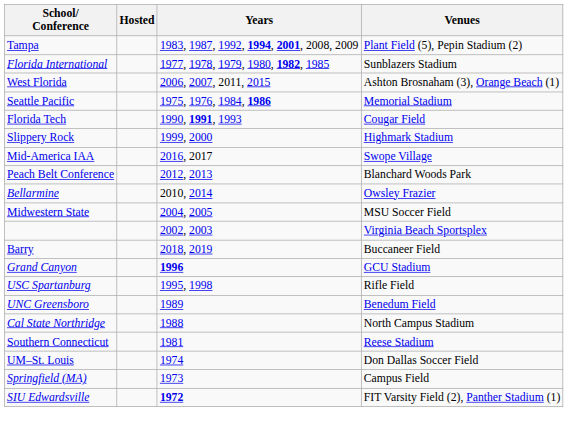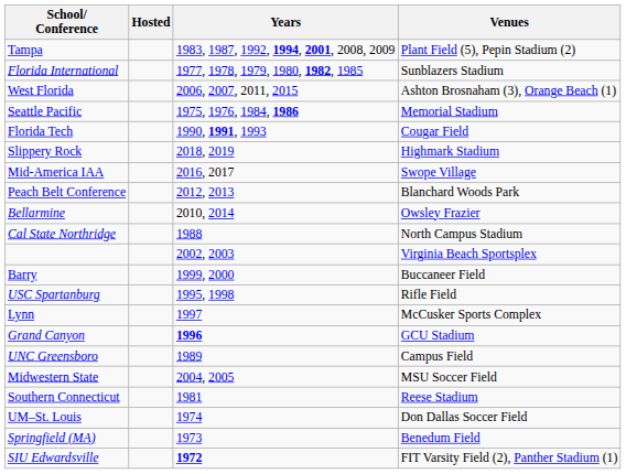 <table class="wikitable plainrowheaders sortable" style="text-align: ">
 <tr>
 <th>School/<br>Conference</th>
 <th>Hosted</th>
 <th>Years</th>
 <th>Venues</th>
 </tr>
 <tr>
 <td><a href='#'>Tampa</a></td>
 <td></td>
 <td><a href='#'>1983</a>, <a href='#'>1987</a>, <a href='#'>1992</a>, <a href='#'><strong>1994</strong></a>, <a href='#'><strong>2001</strong></a>, 2008, 2009</td>
 <td><a href='#'>Plant Field</a> (5), Pepin Stadium (2)</td>
 </tr>
 <tr>
 <td><em><a href='#'>Florida International</a></em></td>
 <td></td>
 <td><a href='#'>1977</a>, <a href='#'>1978</a>, <a href='#'>1979</a>, <a href='#'>1980</a>, <a href='#'><strong>1982</strong></a>, <a href='#'>1985</a></td>
 <td>Sunblazers Stadium</td>
 </tr>
 <tr>
 <td><a href='#'>West Florida</a></td>
 <td></td>
 <td><a href='#'>2006</a>, <a href='#'>2007</a>, 2011, <a href='#'>2015</a></td>
 <td>Ashton Brosnaham (3), <a href='#'>Orange Beach</a> (1)</td>
 </tr>
 <tr>
 <td><a href='#'>Seattle Pacific</a></td>
 <td></td>
 <td><a href='#'>1975</a>, <a href='#'>1976</a>, <a href='#'>1984</a>, <a href='#'><strong>1986</strong></a></td>
 <td><a href='#'>Memorial Stadium</a></td>
 </tr>
 <tr>
 <td><a href='#'>Florida Tech</a></td>
 <td></td>
 <td><a href='#'>1990</a>, <a href='#'><strong>1991</strong></a>, <a href='#'>1993</a></td>
 <td><a href='#'>Cougar Field</a></td>
 </tr>
 <tr>
 <td><a href='#'>Slippery Rock</a></td>
 <td></td>
-<td><a href='#'>1999</a>, <a href='#'>2000</a></td>
+<td><a href='#'>2018</a>, <a href='#'>2019</a></td>
 <td><a href='#'>Highmark Stadium</a></td>
 </tr>
 <tr>
 <td><a href='#'>Mid-America IAA</a></td>
 <td></td>
 <td><a href='#'>2016</a>, 2017</td>
 <td><a href='#'>Swope Village</a></td>
 </tr>
 <tr>
 <td><a href='#'>Peach Belt Conference</a></td>
 <td></td>
 <td><a href='#'>2012</a>, <a href='#'>2013</a></td>
 <td>Blanchard Woods Park </td>
 </tr>
 <tr>
 <td><em><a href='#'>Bellarmine</a></em></td>
 <td></td>
 <td>2010, <a href='#'>2014</a></td>
 <td><a href='#'>Owsley Frazier</a></td>
 </tr>
 <tr>
-<td><a href='#'>Midwestern State</a></td>
+<td><em><a href='#'>Cal State Northridge</a></em></td>
 <td></td>
-<td><a href='#'>2004</a>, <a href='#'>2005</a></td>
-<td>MSU Soccer Field</td>
+<td><a href='#'>1988</a></td>
+<td>North Campus Stadium</td>
 </tr>
 <tr>
 <td></td>
 <td></td>
 <td><a href='#'>2002</a>, <a href='#'>2003</a></td>
 <td><a href='#'>Virginia Beach Sportsplex</a></td>
 </tr>
 <tr>
 <td><a href='#'>Barry</a></td>
 <td></td>
-<td><a href='#'>2018</a>, <a href='#'>2019</a></td>
+<td><a href='#'>1999</a>, <a href='#'>2000</a></td>
 <td>Buccaneer Field</td>
+</tr>
+<tr>
+<td><em><a href='#'>USC Spartanburg</a></em></td>
+<td></td>
+<td><a href='#'>1995</a>, <a href='#'>1998</a></td>
+<td>Rifle Field</td>
+</tr>
+<tr>
+<td><a href='#'>Lynn</a></td>
+<td></td>
+<td><a href='#'>1997</a></td>
+<td>McCusker Sports Complex</td>
 </tr>
 <tr>
 <td><em><a href='#'>Grand Canyon</a></em></td>
 <td></td>
 <td><a href='#'><strong>1996</strong></a></td>
 <td><a href='#'>GCU Stadium</a></td>
 </tr>
 <tr>
-<td><em><a href='#'>USC Spartanburg</a></em></td>
-<td></td>
-<td><a href='#'>1995</a>, <a href='#'>1998</a></td>
-<td>Rifle Field</td>
-</tr>
-<tr>
 <td><em><a href='#'>UNC Greensboro</a></em></td>
 <td></td>
 <td><a href='#'>1989</a></td>
-<td><a href='#'>Benedum Field</a></td>
+<td>Campus Field</td>
 </tr>
 <tr>
-<td><em><a href='#'>Cal State Northridge</a></em></td>
+<td><a href='#'>Midwestern State</a></td>
 <td></td>
-<td><a href='#'>1988</a></td>
-<td>North Campus Stadium</td>
+<td><a href='#'>2004</a>, <a href='#'>2005</a></td>
+<td>MSU Soccer Field</td>
 </tr>
 <tr>
 <td><a href='#'>Southern Connecticut</a></td>
 <td></td>
 <td><a href='#'>1981</a></td>
 <td><a href='#'>Reese Stadium</a></td>
 </tr>
 <tr>
 <td><a href='#'>UM–St. Louis</a></td>
 <td></td>
 <td><a href='#'>1974</a></td>
 <td>Don Dallas Soccer Field</td>
 </tr>
 <tr>
 <td><em><a href='#'>Springfield (MA)</a></em></td>
 <td></td>
 <td><a href='#'>1973</a></td>
-<td>Campus Field</td>
+<td><a href='#'>Benedum Field</a></td>
 </tr>
 <tr>
 <td><em><a href='#'>SIU Edwardsville</a></em></td>
 <td></td>
 <td><a href='#'><strong>1972</strong></a></td>
 <td>FIT Varsity Field (2), <a href='#'>Panther Stadium</a> (1)</td>
 </tr>
 </table>
